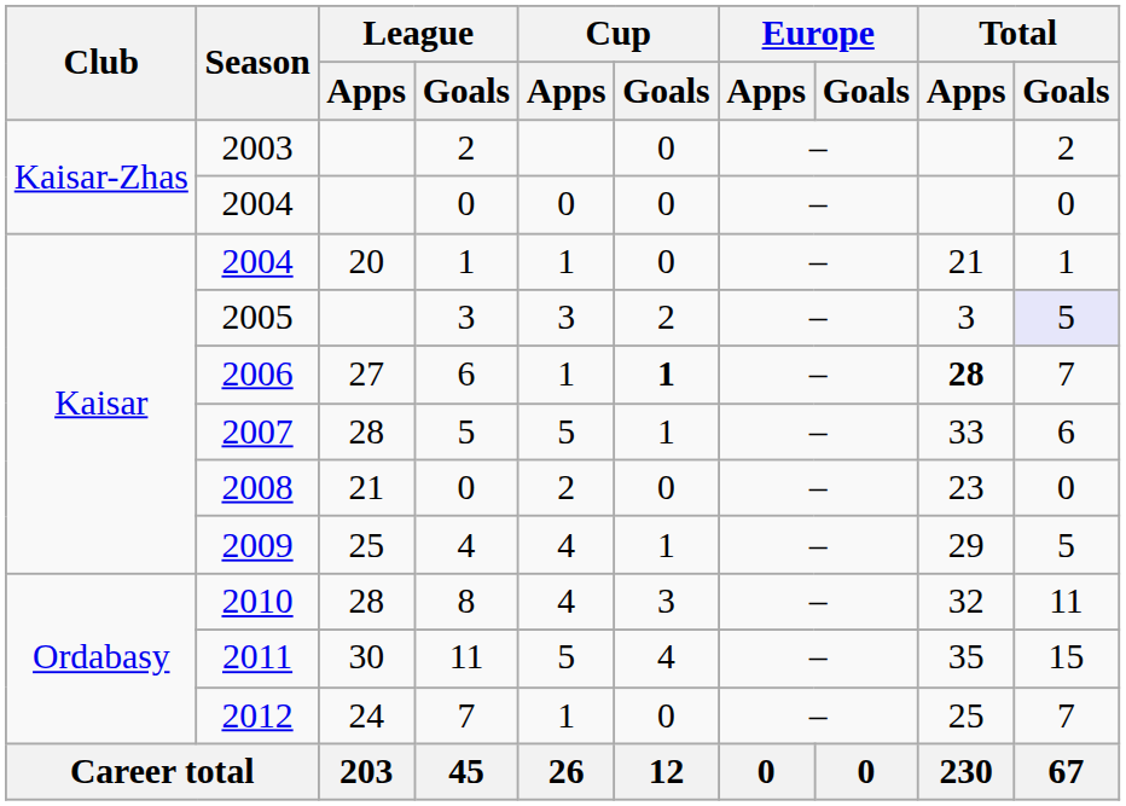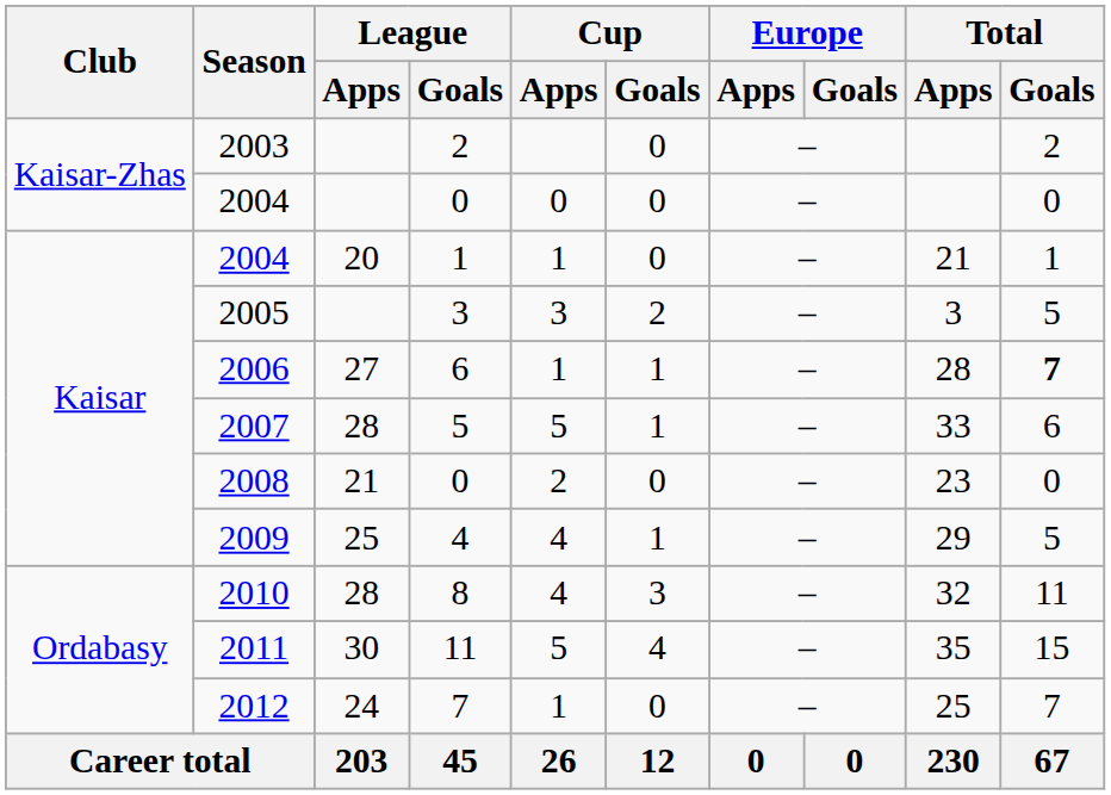 <table class="wikitable" style="text-align:center">
 <tr>
 <th rowspan="2">Club</th>
 <th rowspan="2">Season</th>
 <th colspan="2">League</th>
 <th colspan="2">Cup</th>
 <th colspan="2"><a href='#'>Europe</a></th>
 <th colspan="2">Total</th>
 </tr>
 <tr>
 <th>Apps</th>
 <th>Goals</th>
 <th>Apps</th>
 <th>Goals</th>
 <th>Apps</th>
 <th>Goals</th>
 <th>Apps</th>
 <th>Goals</th>
 </tr>
 <tr>
 <td rowspan="2"><a href='#'>Kaisar-Zhas</a></td>
 <td>2003</td>
 <td></td>
 <td>2</td>
 <td></td>
 <td>0</td>
 <td colspan="2">–</td>
 <td></td>
 <td>2</td>
 </tr>
 <tr>
 <td>2004</td>
 <td></td>
 <td>0</td>
 <td>0</td>
 <td>0</td>
 <td colspan="2">–</td>
 <td></td>
 <td>0</td>
 </tr>
 <tr>
 <td rowspan="6"><a href='#'>Kaisar</a></td>
 <td><a href='#'>2004</a></td>
 <td>20</td>
 <td>1</td>
 <td>1</td>
 <td>0</td>
 <td colspan="2">–</td>
 <td>21</td>
 <td>1</td>
 </tr>
 <tr>
 <td>2005</td>
 <td></td>
 <td>3</td>
 <td>3</td>
 <td>2</td>
 <td colspan="2">–</td>
 <td>3</td>
-<td style="background: lavender;">5</td>
+<td>5</td>
 </tr>
 <tr>
 <td><a href='#'>2006</a></td>
 <td>27</td>
 <td>6</td>
 <td>1</td>
-<td><strong>1</strong></td>
+<td>1</td>
 <td colspan="2">–</td>
-<td><strong>28</strong></td>
-<td>7</td>
+<td>28</td>
+<td><strong>7</strong></td>
 </tr>
 <tr>
 <td><a href='#'>2007</a></td>
 <td>28</td>
 <td>5</td>
 <td>5</td>
 <td>1</td>
 <td colspan="2">–</td>
 <td>33</td>
 <td>6</td>
 </tr>
 <tr>
 <td><a href='#'>2008</a></td>
 <td>21</td>
 <td>0</td>
 <td>2</td>
 <td>0</td>
 <td colspan="2">–</td>
 <td>23</td>
 <td>0</td>
 </tr>
 <tr>
 <td><a href='#'>2009</a></td>
 <td>25</td>
 <td>4</td>
 <td>4</td>
 <td>1</td>
 <td colspan="2">–</td>
 <td>29</td>
 <td>5</td>
 </tr>
 <tr>
 <td rowspan="3"><a href='#'>Ordabasy</a></td>
 <td><a href='#'>2010</a></td>
 <td>28</td>
 <td>8</td>
 <td>4</td>
 <td>3</td>
 <td colspan="2">–</td>
 <td>32</td>
 <td>11</td>
 </tr>
 <tr>
 <td><a href='#'>2011</a></td>
 <td>30</td>
 <td>11</td>
 <td>5</td>
 <td>4</td>
 <td colspan="2">–</td>
 <td>35</td>
 <td>15</td>
 </tr>
 <tr>
 <td><a href='#'>2012</a></td>
 <td>24</td>
 <td>7</td>
 <td>1</td>
 <td>0</td>
 <td colspan="2">–</td>
 <td>25</td>
 <td>7</td>
 </tr>
 <tr>
 <th colspan="2">Career total</th>
 <th>203</th>
 <th>45</th>
 <th>26</th>
 <th>12</th>
 <th>0</th>
 <th>0</th>
 <th>230</th>
 <th>67</th>
 </tr>
 </table>
